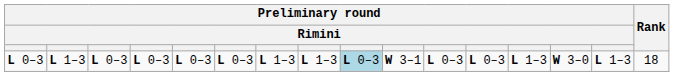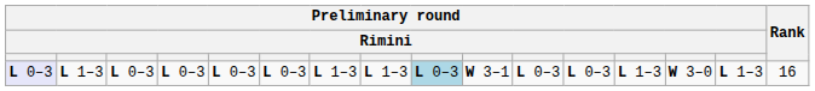 <table class="wikitable" style="font-size:90%;">
 <tr>
 <th colspan=15>Preliminary round</th>
 <th rowspan=3>Rank</th>
 </tr>
 <tr>
 <th colspan=15>Rimini</th>
 </tr>
 <tr>
 <th></th>
 <th></th>
 <th></th>
 <th></th>
 <th></th>
 <th></th>
 <th></th>
 <th></th>
 <th></th>
 <th></th>
 <th></th>
 <th></th>
 <th></th>
 <th></th>
 <th></th>
 </tr>
 <tr align=center>
-<td><strong>L</strong> 0–3</td>
+<td style="background: lavender;"><strong>L</strong> 0–3</td>
 <td><strong>L</strong> 1–3</td>
 <td><strong>L</strong> 0–3</td>
 <td><strong>L</strong> 0–3</td>
 <td><strong>L</strong> 0–3</td>
 <td><strong>L</strong> 0–3</td>
 <td><strong>L</strong> 1–3</td>
 <td><strong>L</strong> 1–3</td>
 <td style="background: lightblue;"><strong>L</strong> 0–3</td>
 <td><strong>W</strong> 3–1</td>
 <td><strong>L</strong> 0–3</td>
 <td><strong>L</strong> 0–3</td>
 <td><strong>L</strong> 1–3</td>
 <td><strong>W</strong> 3–0</td>
 <td><strong>L</strong> 1–3</td>
-<td>18</td>
+<td>16</td>
 </tr>
 </table>
